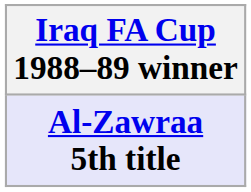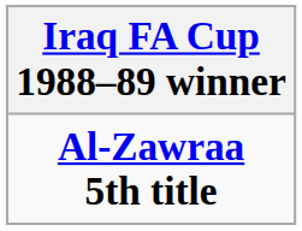 <table class="wikitable" style="text-align: center; margin: 0 auto;">
 <tr>
 <th><a href='#'>Iraq FA Cup</a><br>1988–89 winner</th>
 </tr>
 <tr>
-<td style="background: lavender;"><strong><a href='#'>Al-Zawraa</a></strong><br><strong>5th title</strong></td>
+<td><strong><a href='#'>Al-Zawraa</a></strong><br><strong>5th title</strong></td>
 </tr>
 </table>
